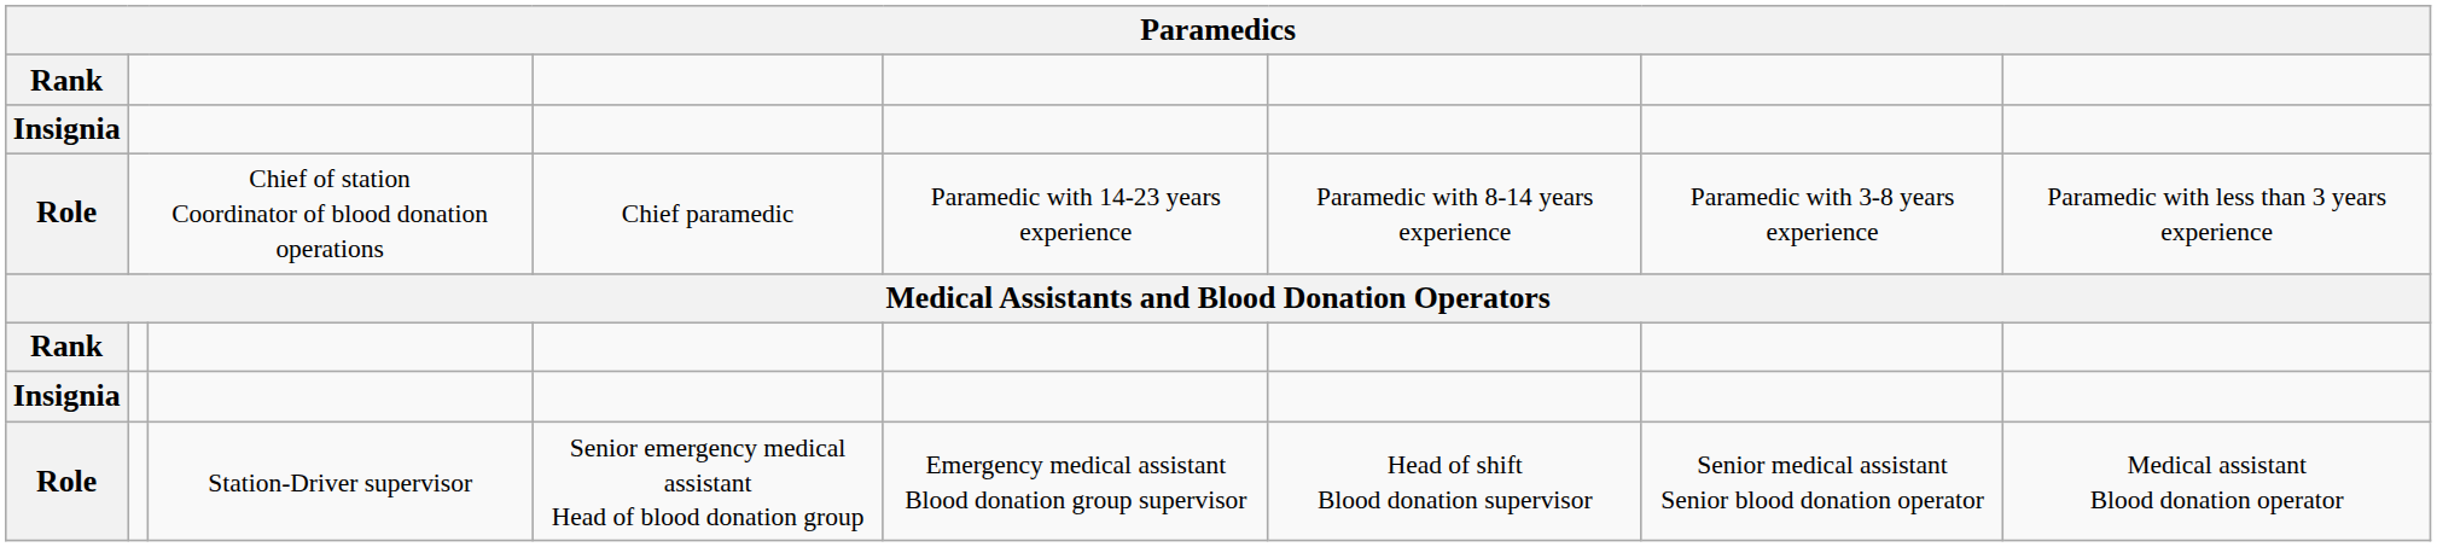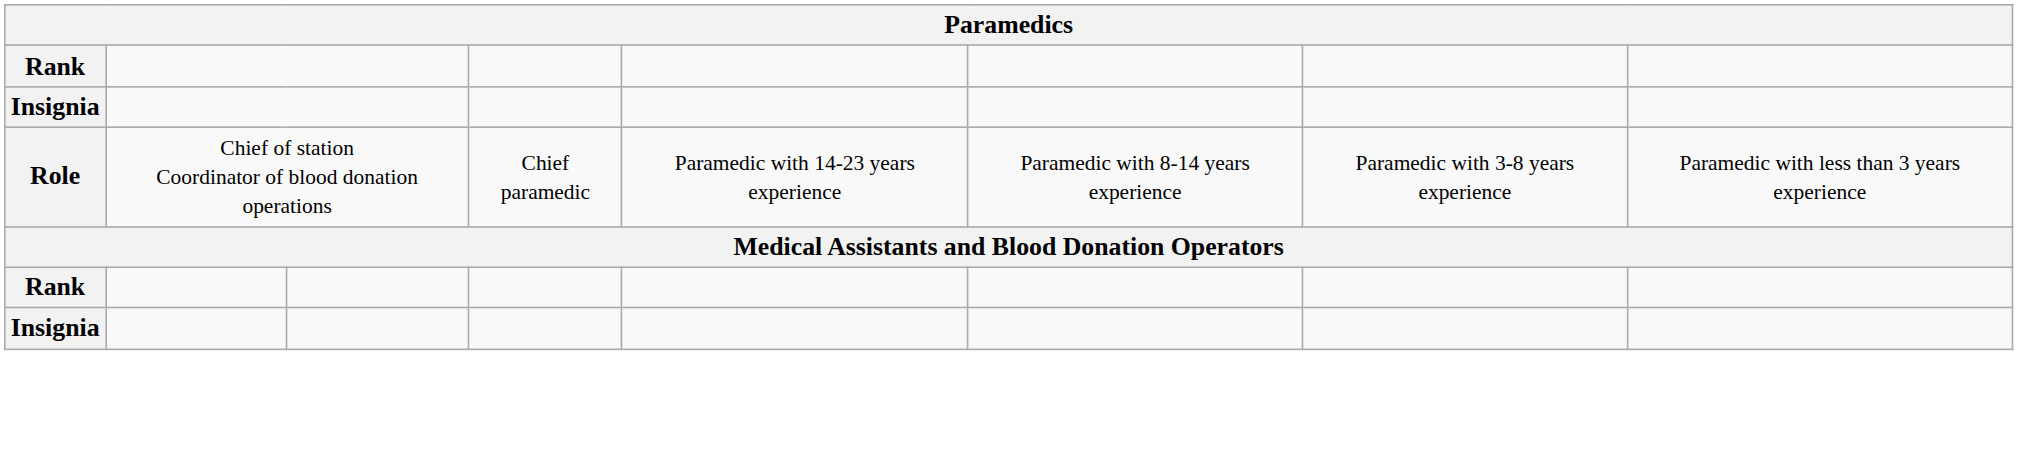 <table class="wikitable">
 <tr style="text-align:center;">
 <th colspan=8>Paramedics</th>
 </tr>
 <tr style="text-align:center;">
 <th>Rank</th>
 <td colspan=2></td>
 <td></td>
 <td></td>
 <td></td>
 <td></td>
 <td></td>
 </tr>
 <tr style="text-align:center;">
 <th>Insignia</th>
 <td colspan=2></td>
 <td></td>
 <td></td>
 <td></td>
 <td></td>
 <td></td>
 </tr>
 <tr style="text-align:center;">
 <th>Role</th>
 <td colspan=2><small>Chief of station<br>Coordinator of blood donation operations</small></td>
 <td><small>Chief paramedic</small></td>
 <td><small>Paramedic with 14-23 years experience</small></td>
 <td><small>Paramedic with 8-14 years experience</small></td>
 <td><small>Paramedic with 3-8 years experience</small></td>
 <td><small>Paramedic with less than 3 years experience</small></td>
 </tr>
 <tr style="text-align:center;">
 <th colspan=8>Medical Assistants and Blood Donation Operators</th>
 </tr>
 <tr style="text-align:center;">
 <th>Rank</th>
 <td></td>
 <td></td>
 <td></td>
 <td></td>
 <td></td>
 <td></td>
 <td></td>
 </tr>
 <tr style="text-align:center;">
 <th>Insignia</th>
 <td></td>
 <td></td>
 <td></td>
 <td></td>
 <td></td>
 <td></td>
 <td></td>
 </tr>
-<tr style="text-align:center;">
-<th>Role</th>
-<td><small></small></td>
-<td><small>Station-Driver supervisor</small></td>
-<td><small>Senior emergency medical assistant<br>Head of blood donation group</small></td>
-<td><small>Emergency medical assistant<br>Blood donation group supervisor</small></td>
-<td><small>Head of shift<br>Blood donation supervisor</small></td>
-<td><small>Senior medical assistant<br>Senior blood donation operator</small></td>
-<td><small>Medical assistant<br>Blood donation operator</small></td>
-</tr>
 </table>
